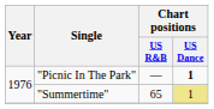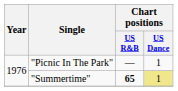 <table class="wikitable" style="text-align:center;">
 <tr>
 <th rowspan="2">Year</th>
 <th rowspan="2">Single</th>
 <th colspan="2">Chart positions</th>
 </tr>
 <tr style="font-size:smaller;">
 <th width="40"><a href='#'>US<br>R&B</a></th>
 <th width="40"><a href='#'>US<br>Dance</a></th>
 </tr>
 <tr>
 <td rowspan="2">1976</td>
 <td align="left">"Picnic In The Park"</td>
 <td>—</td>
-<td><strong>1</strong></td>
+<td>1</td>
 </tr>
 <tr>
 <td align="left">"Summertime"</td>
-<td>65</td>
+<td><strong>65</strong></td>
 <td style="background: khaki;">1</td>
 </tr>
 <tr>
 </tr>
 </table>
